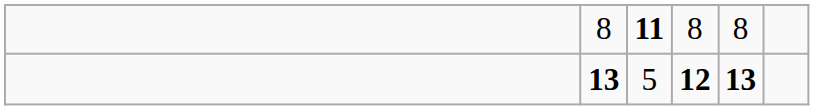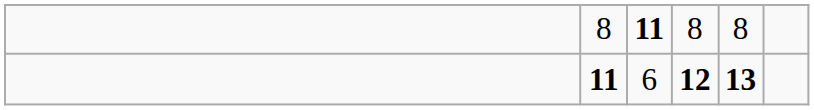 <table class="wikitable">
 <tr>
 <td style="width:18em"></td>
 <td align=center style="width:1em">8</td>
 <td align=center style="width:1em"><strong>11</strong></td>
 <td align=center style="width:1em">8</td>
 <td align=center style="width:1em">8</td>
 <td align=center style="width:1em"></td>
 </tr>
 <tr>
 <td style="width:18em"><strong></strong></td>
-<td align=center style="width:1em"><strong>13</strong></td>
-<td align=center style="width:1em">5</td>
+<td align=center style="width:1em"><strong>11</strong></td>
+<td align=center style="width:1em">6</td>
 <td align=center style="width:1em"><strong>12</strong></td>
 <td align=center style="width:1em"><strong>13</strong></td>
 <td align=center style="width:1em"></td>
 </tr>
 </table>
